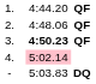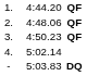 <table style="text-align:center">
 <tr>
 <td width=30>1.</td>
 <td align=left></td>
 <td width=60>4:44.20</td>
 <td><strong>QF</strong></td>
 </tr>
 <tr>
 <td>2.</td>
 <td align=left></td>
 <td>4:48.06</td>
 <td><strong>QF</strong></td>
 </tr>
 <tr>
 <td>3.</td>
 <td align=left></td>
-<td><strong>4:50.23</strong></td>
+<td>4:50.23</td>
 <td><strong>QF</strong></td>
 </tr>
 <tr>
 <td>4.</td>
 <td align=left></td>
-<td style="background: pink;">5:02.14</td>
+<td>5:02.14</td>
 </tr>
 <tr>
 <td>-</td>
 <td align=left></td>
 <td>5:03.83</td>
 <td><strong>DQ</strong></td>
 </tr>
 </table>
